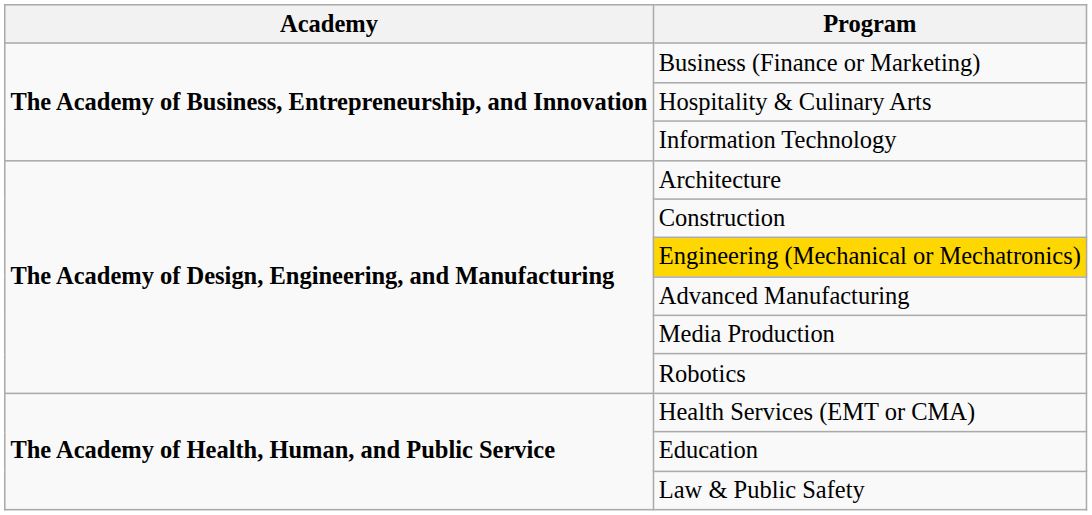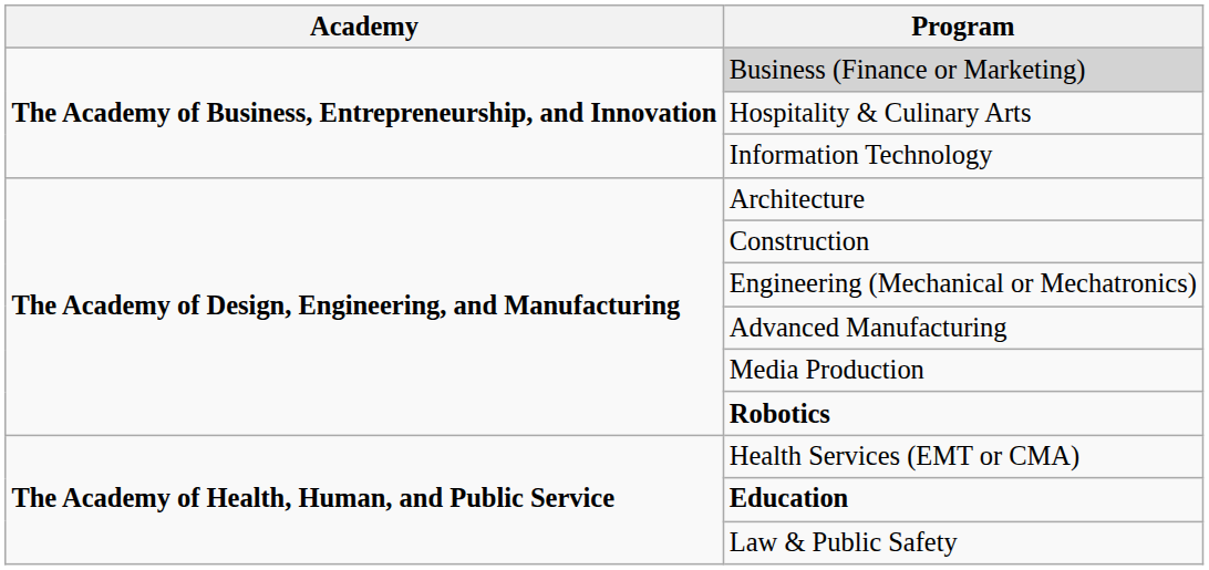 <table class="wikitable">
 <tr>
 <th>Academy</th>
 <th>Program</th>
 </tr>
 <tr>
 <td rowspan="3"><strong>The Academy of Business, Entrepreneurship, and Innovation</strong></td>
-<td>Business (Finance or Marketing)</td>
+<td style="background: lightgrey;">Business (Finance or Marketing)</td>
 </tr>
 <tr>
 <td>Hospitality & Culinary Arts</td>
 </tr>
 <tr>
 <td>Information Technology</td>
 </tr>
 <tr>
 <td rowspan="6"><strong>The Academy of Design, Engineering, and Manufacturing</strong></td>
 <td>Architecture</td>
 </tr>
 <tr>
 <td>Construction</td>
 </tr>
 <tr>
-<td style="background: gold;">Engineering (Mechanical or Mechatronics)</td>
+<td>Engineering (Mechanical or Mechatronics)</td>
 </tr>
 <tr>
 <td>Advanced Manufacturing</td>
 </tr>
 <tr>
 <td>Media Production</td>
 </tr>
 <tr>
-<td>Robotics</td>
+<td><strong>Robotics</strong></td>
 </tr>
 <tr>
 <td rowspan="3"><strong>The Academy of Health, Human, and Public Service</strong></td>
 <td>Health Services (EMT or CMA)</td>
 </tr>
 <tr>
-<td>Education</td>
+<td><strong>Education</strong></td>
 </tr>
 <tr>
 <td>Law & Public Safety</td>
 </tr>
 </table>
